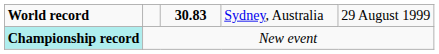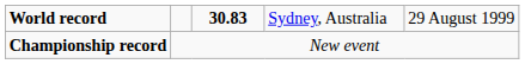 <table class="wikitable">
 <tr>
 <td><strong>World record</strong></td>
 <td style="padding-right:1em"></td>
 <td style="text-align:center;padding-left:1em; padding-right:1em;"><strong>30.83</strong></td>
 <td style="padding-right:1em"><a href='#'>Sydney</a>, Australia</td>
 <td align=right>29 August 1999</td>
 </tr>
 <tr>
-<td style="background: paleturquoise;"><strong>Championship record</strong></td>
+<td><strong>Championship record</strong></td>
 <td colspan="5" style="text-align:center;"><em>New event</em></td>
 </tr>
 </table>
